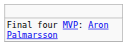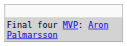 <table class="wikitable right" style="margin-left:1em;">
 <tr>
 <td><br>        </td>
 </tr>
 <tr>
-<td width="175">Final four <a href='#'>MVP</a>:  <a href='#'>Aron Palmarsson</a></td>
+<td width="175" style="background: lightgrey;">Final four <a href='#'>MVP</a>:  <a href='#'>Aron Palmarsson</a></td>
 </tr>
 <tr>
 </tr>
 </table>
